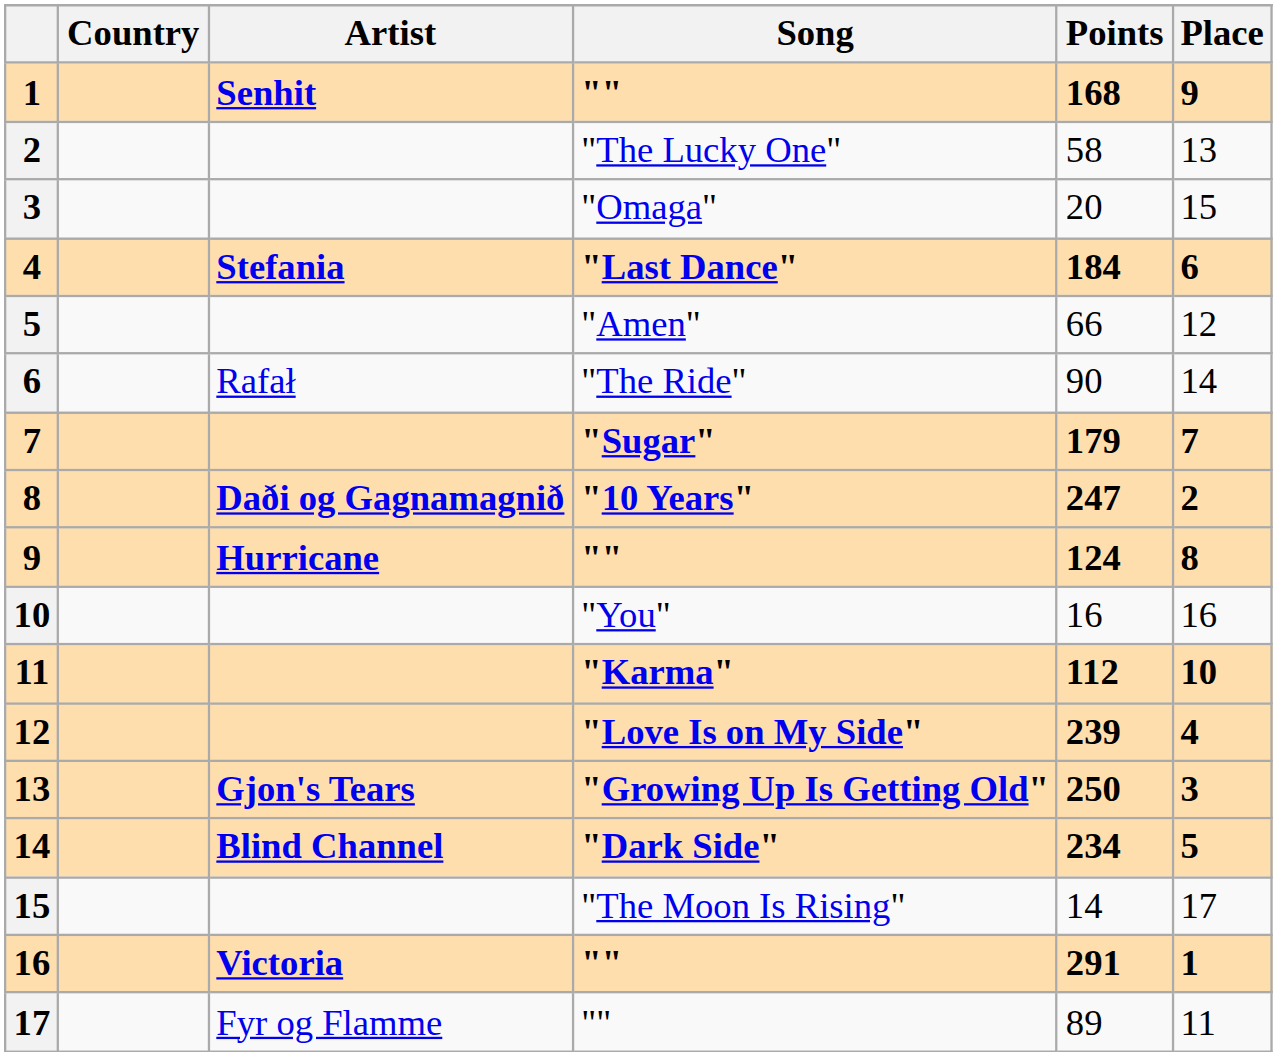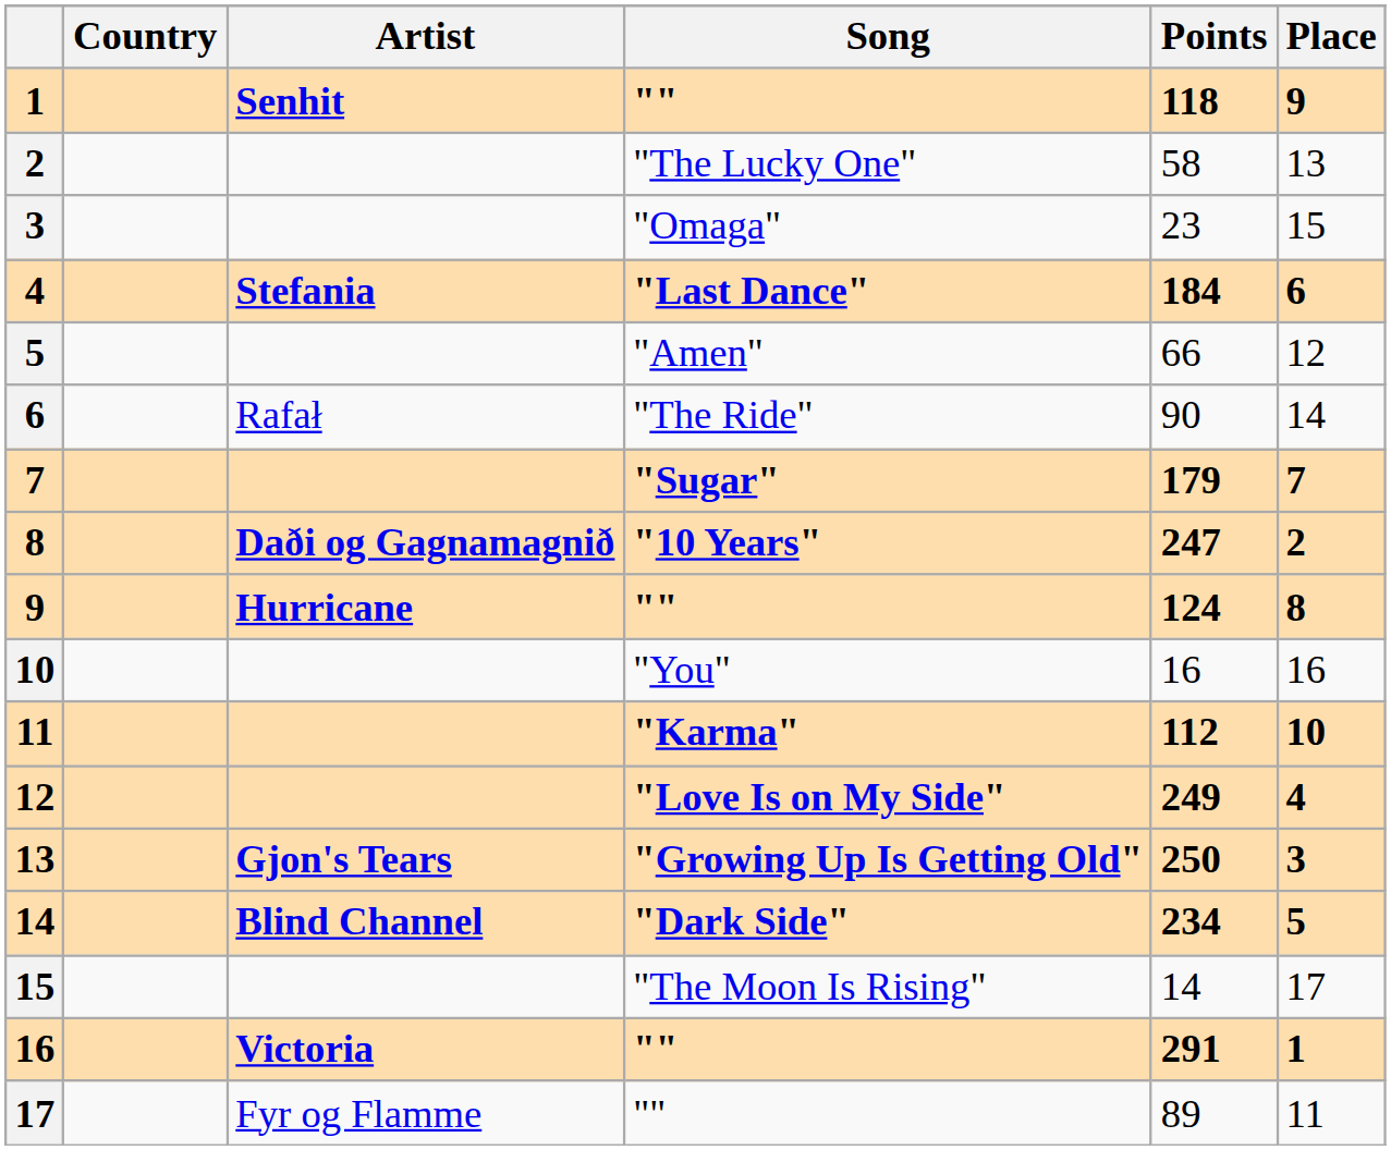 <table class="sortable wikitable plainrowheaders">
 <tr>
 </tr>
 <tr>
 <th scope="col"></th>
 <th scope="col">Country</th>
 <th scope="col">Artist</th>
 <th scope="col">Song</th>
 <th scope="col">Points</th>
 <th scope="col">Place</th>
 </tr>
 <tr style="font-weight:bold; background:navajowhite;">
 <th scope="row" style="text-align:center; font-weight:bold; background:navajowhite;">1</th>
 <td></td>
 <td><a href='#'>Senhit</a></td>
 <td>""</td>
-<td>168</td>
+<td>118</td>
 <td>9</td>
 </tr>
 <tr>
 <th scope="row" style="text-align:center;">2</th>
 <td></td>
 <td></td>
 <td>"<a href='#'>The Lucky One</a>"</td>
 <td>58</td>
 <td>13</td>
 </tr>
 <tr>
 <th scope="row" style="text-align:center;">3</th>
 <td></td>
 <td></td>
 <td>"<a href='#'>Omaga</a>"</td>
-<td>20</td>
+<td>23</td>
 <td>15</td>
 </tr>
 <tr style="font-weight:bold; background:navajowhite;">
 <th scope="row" style="text-align:center; font-weight:bold; background:navajowhite;">4</th>
 <td></td>
 <td><a href='#'>Stefania</a></td>
 <td>"<a href='#'>Last Dance</a>"</td>
 <td>184</td>
 <td>6</td>
 </tr>
 <tr>
 <th scope="row" style="text-align:center;">5</th>
 <td></td>
 <td></td>
 <td>"<a href='#'>Amen</a>"</td>
 <td>66</td>
 <td>12</td>
 </tr>
 <tr>
 <th scope="row" style="text-align:center;">6</th>
 <td></td>
 <td><a href='#'>Rafał</a></td>
 <td>"<a href='#'>The Ride</a>"</td>
 <td>90</td>
 <td>14</td>
 </tr>
 <tr style="font-weight:bold; background:navajowhite;">
 <th scope="row" style="text-align:center; font-weight:bold; background:navajowhite;">7</th>
 <td></td>
 <td></td>
 <td>"<a href='#'>Sugar</a>"</td>
 <td>179</td>
 <td>7</td>
 </tr>
 <tr style="font-weight:bold; background:navajowhite;">
 <th scope="row" style="text-align:center; font-weight:bold; background:navajowhite;">8</th>
 <td></td>
 <td><a href='#'>Daði og Gagnamagnið</a></td>
 <td>"<a href='#'>10 Years</a>"</td>
 <td>247</td>
 <td>2</td>
 </tr>
 <tr style="font-weight:bold; background:navajowhite;">
 <th scope="row" style="text-align:center; font-weight:bold; background:navajowhite;">9</th>
 <td></td>
 <td><a href='#'>Hurricane</a></td>
 <td>""</td>
 <td>124</td>
 <td>8</td>
 </tr>
 <tr>
 <th scope="row" style="text-align:center;">10</th>
 <td></td>
 <td></td>
 <td>"<a href='#'>You</a>"</td>
 <td>16</td>
 <td>16</td>
 </tr>
 <tr style="font-weight:bold; background:navajowhite;">
 <th scope="row" style="text-align:center; font-weight:bold; background:navajowhite;">11</th>
 <td></td>
 <td></td>
 <td>"<a href='#'>Karma</a>"</td>
 <td>112</td>
 <td>10</td>
 </tr>
 <tr style="font-weight:bold; background:navajowhite;">
 <th scope="row" style="text-align:center; font-weight:bold; background:navajowhite;">12</th>
 <td></td>
 <td></td>
 <td>"<a href='#'>Love Is on My Side</a>"</td>
-<td>239</td>
+<td>249</td>
 <td>4</td>
 </tr>
 <tr style="font-weight:bold; background:navajowhite;">
 <th scope="row" style="text-align:center; font-weight:bold; background:navajowhite;">13</th>
 <td></td>
 <td><a href='#'>Gjon's Tears</a></td>
 <td>"<a href='#'>Growing Up Is Getting Old</a>"</td>
 <td>250</td>
 <td>3</td>
 </tr>
 <tr style="font-weight:bold; background:navajowhite;">
 <th scope="row" style="text-align:center; font-weight:bold; background:navajowhite;">14</th>
 <td></td>
 <td><a href='#'>Blind Channel</a></td>
 <td>"<a href='#'>Dark Side</a>"</td>
 <td>234</td>
 <td>5</td>
 </tr>
 <tr>
 <th scope="row" style="text-align:center;">15</th>
 <td></td>
 <td></td>
 <td>"<a href='#'>The Moon Is Rising</a>"</td>
 <td>14</td>
 <td>17</td>
 </tr>
 <tr style="font-weight:bold; background:navajowhite;">
 <th scope="row" style="text-align:center; font-weight:bold; background:navajowhite;">16</th>
 <td></td>
 <td><a href='#'>Victoria</a></td>
 <td>""</td>
 <td>291</td>
 <td>1</td>
 </tr>
 <tr>
 <th scope="row" style="text-align:center;">17</th>
 <td></td>
 <td><a href='#'>Fyr og Flamme</a></td>
 <td>""</td>
 <td>89</td>
 <td>11</td>
 </tr>
 </table>
